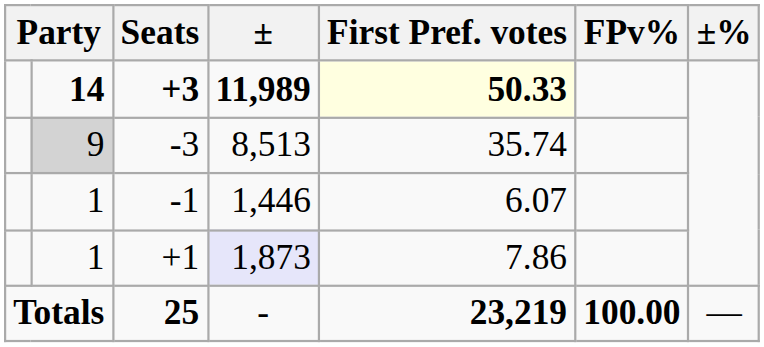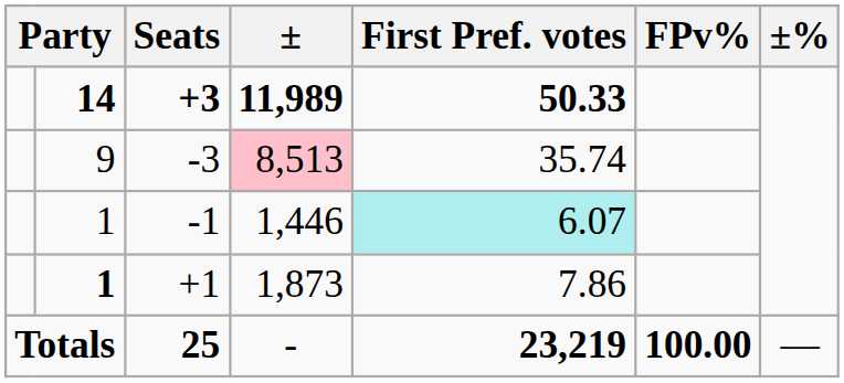 <table class=wikitable>
 <tr>
 <th colspan=2 align=center>Party</th>
 <th valign=top>Seats</th>
 <th valign=top>±</th>
 <th valign=top>First Pref. votes</th>
 <th valign=top>FPv%</th>
 <th valign=top>±%</th>
 </tr>
 <tr>
 <td></td>
 <td align=right><strong>14</strong></td>
 <td align=right><strong>+3</strong></td>
 <td align=right><strong>11,989</strong></td>
-<td align=right style="background: lightyellow;"><strong>50.33</strong></td>
+<td align=right><strong>50.33</strong></td>
 <td align=right></td>
 </tr>
 <tr>
 <td></td>
-<td align=right style="background: lightgrey;">9</td>
+<td align=right>9</td>
 <td align=right>-3</td>
-<td align=right>8,513</td>
+<td align=right style="background: pink;">8,513</td>
 <td align=right>35.74</td>
 <td align=right></td>
 </tr>
 <tr>
 <td></td>
 <td align=right>1</td>
 <td align=right>-1</td>
 <td align=right>1,446</td>
-<td align=right>6.07</td>
+<td align=right style="background: paleturquoise;">6.07</td>
 <td align=right></td>
 </tr>
 <tr>
 <td></td>
-<td align=right>1</td>
+<td align=right><strong>1</strong></td>
 <td align=right>+1</td>
-<td align=right style="background: lavender;">1,873</td>
+<td align=right>1,873</td>
 <td align=right>7.86</td>
 <td align=right></td>
 </tr>
 <tr>
 <td colspan=2 align=center><strong>Totals</strong></td>
 <td align=right><strong>25</strong></td>
 <td align=center>-</td>
 <td align=right><strong>23,219</strong></td>
 <td align=center><strong>100.00</strong></td>
 <td align=center>—</td>
 </tr>
 </table>
